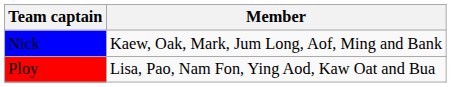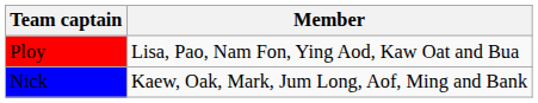 <table class="wikitable">
 <tr>
 <th>Team captain</th>
 <th>Member</th>
 </tr>
 <tr>
+<td style="background:red"><span>Ploy</span></td>
+<td>Lisa, Pao, Nam Fon, Ying Aod, Kaw Oat and Bua</td>
+</tr>
+<tr>
 <td style="background:#0000FF"><span>Nick</span></td>
 <td>Kaew, Oak, Mark, Jum Long, Aof, Ming and Bank</td>
 </tr>
-<tr>
-<td style="background:red"><span>Ploy</span></td>
-<td>Lisa, Pao, Nam Fon, Ying Aod, Kaw Oat and Bua</td>
-</tr>
 </table>
